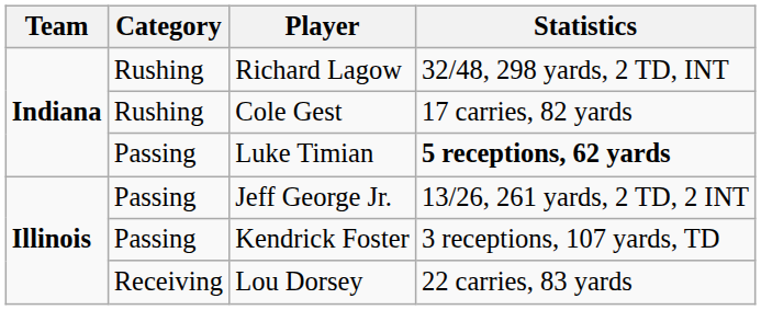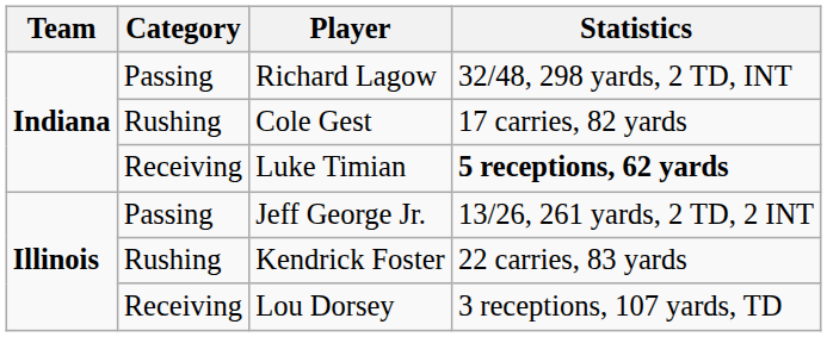 <table class="wikitable" style="float: right;">
 <tr>
 <th>Team</th>
 <th>Category</th>
 <th>Player</th>
 <th>Statistics</th>
 </tr>
 <tr>
 <td rowspan=3><strong>Indiana</strong></td>
-<td>Rushing</td>
+<td>Passing</td>
 <td>Richard Lagow</td>
 <td>32/48, 298 yards, 2 TD, INT</td>
 </tr>
 <tr>
 <td>Rushing</td>
 <td>Cole Gest</td>
 <td>17 carries, 82 yards</td>
 </tr>
 <tr>
-<td>Passing</td>
+<td>Receiving</td>
 <td>Luke Timian</td>
 <td><strong>5 receptions, 62 yards</strong></td>
 </tr>
 <tr>
 <td rowspan=3><strong>Illinois</strong></td>
 <td>Passing</td>
 <td>Jeff George Jr.</td>
 <td>13/26, 261 yards, 2 TD, 2 INT</td>
 </tr>
 <tr>
-<td>Passing</td>
+<td>Rushing</td>
 <td>Kendrick Foster</td>
-<td>3 receptions, 107 yards, TD</td>
+<td>22 carries, 83 yards</td>
 </tr>
 <tr>
 <td>Receiving</td>
 <td>Lou Dorsey</td>
-<td>22 carries, 83 yards</td>
+<td>3 receptions, 107 yards, TD</td>
 </tr>
 </table>
